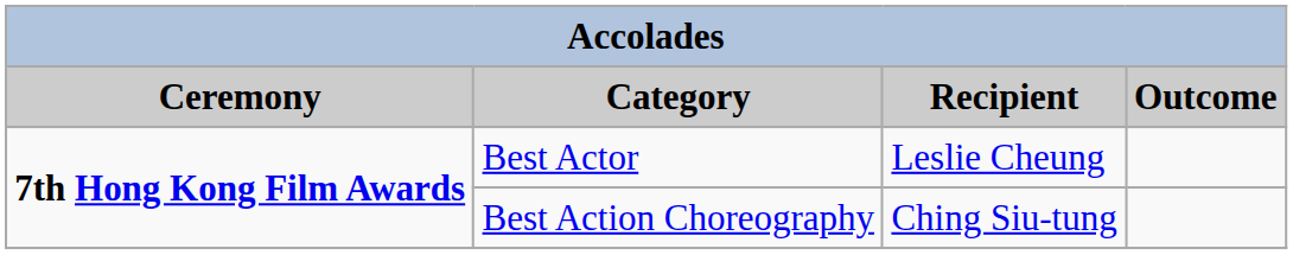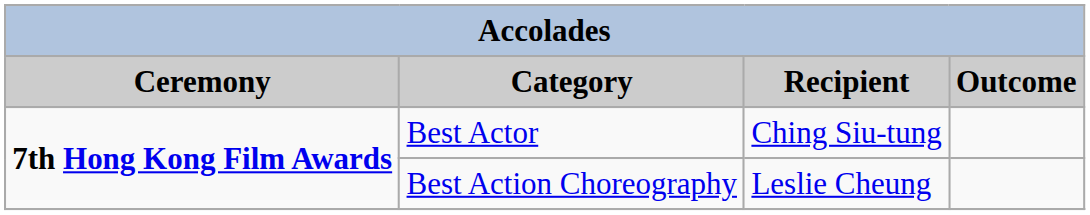 <table class="wikitable" style="font-size:95%;" ;>
 <tr style="background:#ccc; text-align:center;">
 <th colspan="4" style="background: LightSteelBlue;">Accolades</th>
 </tr>
 <tr style="background:#ccc; text-align:center;">
 <th style="background:#ccc">Ceremony</th>
 <th style="background:#ccc">Category</th>
 <th style="background:#ccc">Recipient</th>
 <th style="background:#ccc">Outcome</th>
 </tr>
 <tr>
 <td rowspan=2><strong>7th <a href='#'>Hong Kong Film Awards</a></strong></td>
 <td><a href='#'>Best Actor</a></td>
-<td><a href='#'>Leslie Cheung</a></td>
+<td><a href='#'>Ching Siu-tung</a></td>
 <td></td>
 </tr>
 <tr>
 <td><a href='#'>Best Action Choreography</a></td>
-<td><a href='#'>Ching Siu-tung</a></td>
+<td><a href='#'>Leslie Cheung</a></td>
 <td></td>
 </tr>
 <tr>
 </tr>
 </table>
